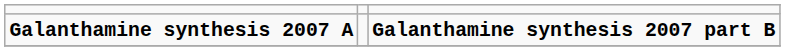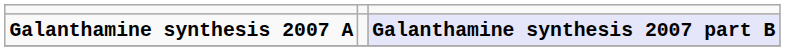 <table align="center"  class="wikitable">
 <tr>
 <td></td>
 <td></td>
 <td></td>
 </tr>
 <tr>
 <td><strong>Galanthamine synthesis 2007 A</strong></td>
 <td></td>
-<td><strong>Galanthamine synthesis 2007  part B</strong></td>
+<td style="background: lavender;"><strong>Galanthamine synthesis 2007  part B</strong></td>
 </tr>
 <tr>
 </tr>
 </table>
